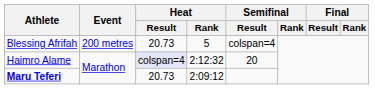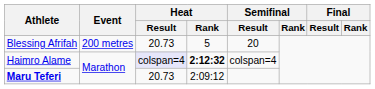 <table class="wikitable" style="font-size:90%">
 <tr>
 <th rowspan="2">Athlete</th>
 <th rowspan="2">Event</th>
 <th colspan="2">Heat</th>
 <th colspan="2">Semifinal</th>
 <th colspan="2">Final</th>
 </tr>
 <tr style="font-size:95%">
 <th>Result</th>
 <th>Rank</th>
 <th>Result</th>
 <th>Rank</th>
 <th>Result</th>
 <th>Rank</th>
 </tr>
 <tr align=center>
 <td align=left><a href='#'>Blessing Afrifah</a></td>
 <td align=left><a href='#'>200 metres</a></td>
 <td>20.73</td>
 <td>5</td>
-<td>colspan=4 </td>
+<td>20</td>
 </tr>
 <tr align=center>
 <td align=left><a href='#'>Haimro Alame</a></td>
 <td align=left rowspan=2><a href='#'>Marathon</a></td>
 <td style="background: lavender;">colspan=4</td>
-<td>2:12:32</td>
-<td>20</td>
+<td><strong>2:12:32</strong></td>
+<td>colspan=4 </td>
 </tr>
 <tr align=center>
 <td align=left><strong><a href='#'>Maru Teferi</a></strong></td>
 <td>20.73</td>
 <td>2:09:12 </td>
 <td></td>
 </tr>
 </table>
